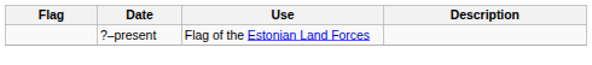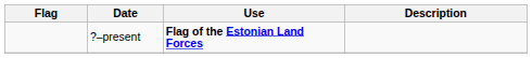 <table class="wikitable">
 <tr>
 <th style="width:110px;">Flag</th>
 <th style="width:100px;">Date</th>
 <th style="width:250px;">Use</th>
 <th style="width:250px;">Description</th>
 </tr>
 <tr>
 <td></td>
 <td>?–present</td>
-<td>Flag of the <a href='#'>Estonian Land Forces</a></td>
+<td><strong>Flag of the <a href='#'>Estonian Land Forces</a></strong></td>
 <td></td>
 </tr>
 <tr>
 </tr>
 </table>
